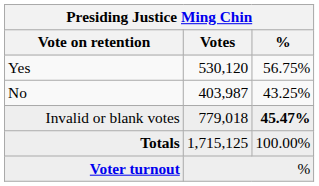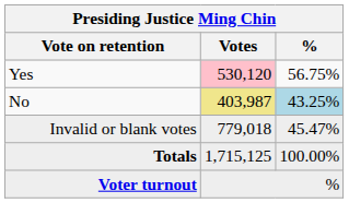 <table class="wikitable" style="font-size: 95%;">
 <tr style="background-color:#E9E9E9">
 <th colspan=7>Presiding Justice <a href='#'>Ming Chin</a></th>
 </tr>
 <tr style="background-color:#E9E9E9">
 <th style="width: 170px">Vote on retention</th>
 <th style="width: 50px">Votes</th>
 <th style="width: 40px">%</th>
 </tr>
 <tr>
 <td>Yes</td>
-<td align="right">530,120</td>
+<td align="right" style="background: pink;">530,120</td>
 <td align="right">56.75%</td>
 </tr>
 <tr>
 <td>No</td>
-<td align="right">403,987</td>
-<td align="right">43.25%</td>
+<td align="right" style="background: khaki;">403,987</td>
+<td align="right" style="background: lightblue;">43.25%</td>
 </tr>
 <tr style="background-color:#EEEEEE">
 <td align="right">Invalid or blank votes</td>
 <td align="right">779,018</td>
-<td align="right"><strong>45.47%</strong></td>
+<td align="right">45.47%</td>
 </tr>
 <tr style="background-color:#EEEEEE">
 <td colspan="1" align="right"><strong>Totals</strong></td>
 <td align="right">1,715,125</td>
 <td align="right">100.00%</td>
 </tr>
 <tr style="background-color:#EEEEEE">
 <td align="right"><strong><a href='#'>Voter turnout</a></strong></td>
 <td colspan="2" align="right">%</td>
 </tr>
 </table>
